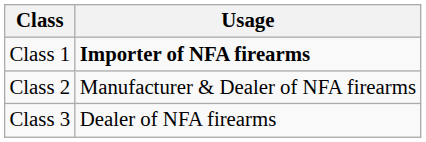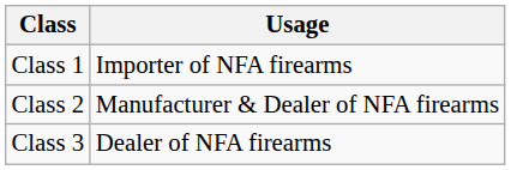 <table class="wikitable">
 <tr>
 <th>Class</th>
 <th>Usage</th>
 </tr>
 <tr>
 <td>Class 1</td>
-<td><strong>Importer of NFA firearms</strong></td>
+<td>Importer of NFA firearms</td>
 </tr>
 <tr>
 <td>Class 2</td>
 <td>Manufacturer & Dealer of NFA firearms</td>
 </tr>
 <tr>
 <td>Class 3</td>
 <td>Dealer of NFA firearms</td>
 </tr>
 </table>
